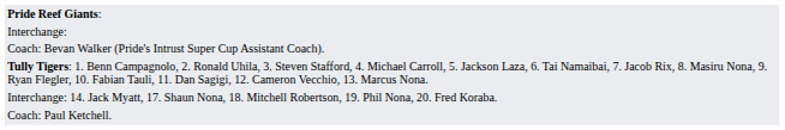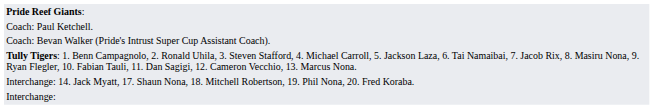 <table style="background:#eaecf0; font-size:85%; width:100%;">
 <tr>
 <td><strong>Pride Reef Giants</strong>:         <br>   </td>
 </tr>
 <tr>
-<td>Interchange:    </td>
+<td>Coach: Paul Ketchell.</td>
 </tr>
 <tr>
 <td>Coach: Bevan Walker (Pride's Intrust Super Cup Assistant Coach).</td>
 </tr>
 <tr>
 <td><strong>Tully Tigers</strong>: 1. Benn Campagnolo, 2. Ronald Uhila, 3. Steven Stafford, 4. Michael Carroll, 5. Jackson Laza, 6. Tai Namaibai, 7. Jacob Rix, 8. Masiru Nona, 9. Ryan Flegler, 10. Fabian Tauli, 11. Dan Sagigi, 12. Cameron Vecchio, 13. Marcus Nona.</td>
 </tr>
 <tr>
 <td>Interchange: 14. Jack Myatt, 17. Shaun Nona, 18. Mitchell Robertson, 19. Phil Nona, 20. Fred Koraba.</td>
 </tr>
 <tr>
-<td>Coach: Paul Ketchell.</td>
+<td>Interchange:    </td>
 </tr>
 </table>
